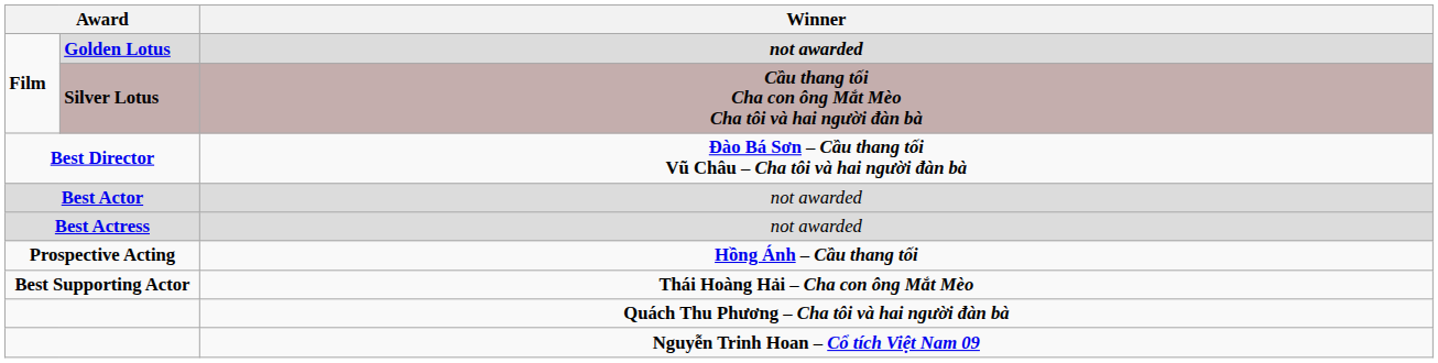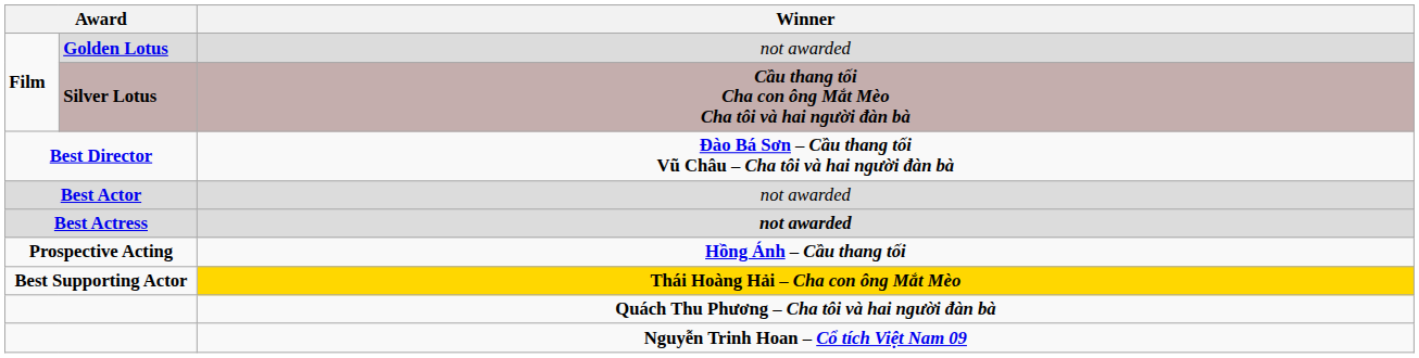 <table class=wikitable>
 <tr>
 <th width="12%" colspan="2">Award</th>
 <th width="76%">Winner</th>
 </tr>
 <tr>
 <td rowspan="2"><strong>Film</strong></td>
 <td style="background:#DCDCDC"><strong><a href='#'>Golden Lotus</a></strong></td>
-<td style="background:#DCDCDC" align=center><strong><em>not awarded</em></strong></td>
+<td style="background:#DCDCDC" align=center><em>not awarded</em></td>
 </tr>
 <tr>
 <td style="background:#C4AEAD"><strong>Silver Lotus</strong></td>
 <td style="background:#C4AEAD" align=center><strong><em>Cầu thang tối</em></strong><br><strong><em>Cha con ông Mắt Mèo</em></strong><br><strong><em>Cha tôi và hai người đàn bà</em></strong></td>
 </tr>
 <tr>
 <td colspan="2" align=center><strong><a href='#'>Best Director</a></strong></td>
 <td align=center><strong><a href='#'>Đào Bá Sơn</a></strong> – <strong><em>Cầu thang tối</em></strong><br><strong>Vũ Châu</strong> – <strong><em>Cha tôi và hai người đàn bà</em></strong></td>
 </tr>
 <tr>
 <td colspan="2" align=center style="background:#DCDCDC"><strong><a href='#'>Best Actor</a></strong></td>
 <td align=center style="background:#DCDCDC"><em>not awarded</em></td>
 </tr>
 <tr>
 <td colspan="2" align=center style="background:#DCDCDC"><strong><a href='#'>Best Actress</a></strong></td>
-<td align=center style="background:#DCDCDC"><em>not awarded</em></td>
+<td align=center style="background:#DCDCDC"><strong><em>not awarded</em></strong></td>
 </tr>
 <tr>
 <td colspan="2" align=center><strong>Prospective Acting</strong></td>
 <td align=center><strong><a href='#'>Hồng Ánh</a></strong> – <strong><em>Cầu thang tối</em></strong></td>
 </tr>
 <tr>
 <td colspan="2" align=center><strong>Best Supporting Actor</strong></td>
-<td align=center><strong>Thái Hoàng Hải</strong> – <strong><em>Cha con ông Mắt Mèo</em></strong></td>
+<td align=center style="background: gold;"><strong>Thái Hoàng Hải</strong> – <strong><em>Cha con ông Mắt Mèo</em></strong></td>
 </tr>
 <tr>
 <td colspan="2" align=center><strong></strong></td>
 <td align=center><strong>Quách Thu Phương</strong> – <strong><em>Cha tôi và hai người đàn bà</em></strong></td>
 </tr>
 <tr>
 <td colspan="2" align=center><strong></strong></td>
 <td align=center><strong>Nguyễn Trinh Hoan</strong> – <strong><em><a href='#'>Cổ tích Việt Nam 09</a></em></strong></td>
 </tr>
 </table>
